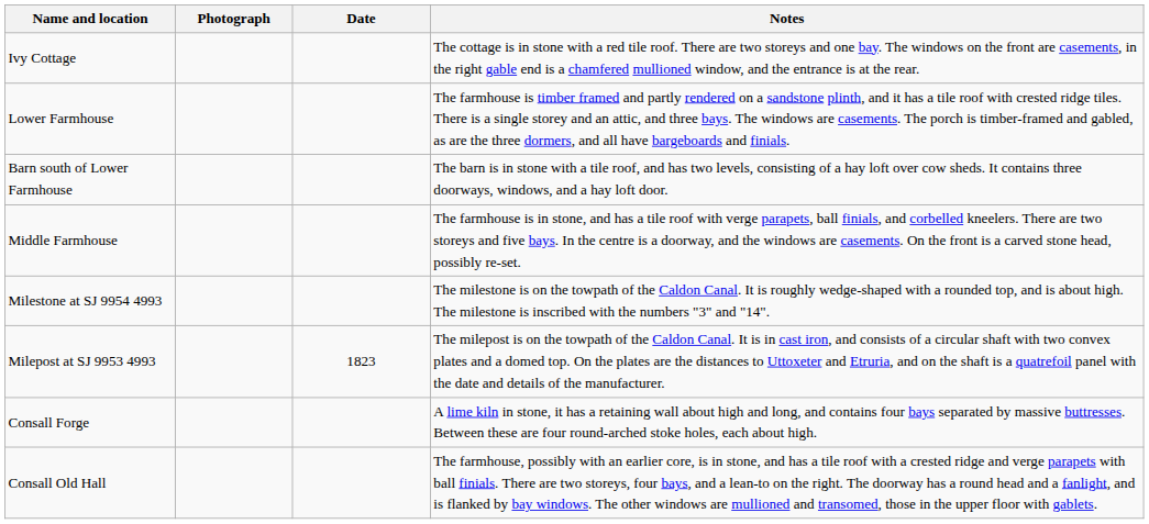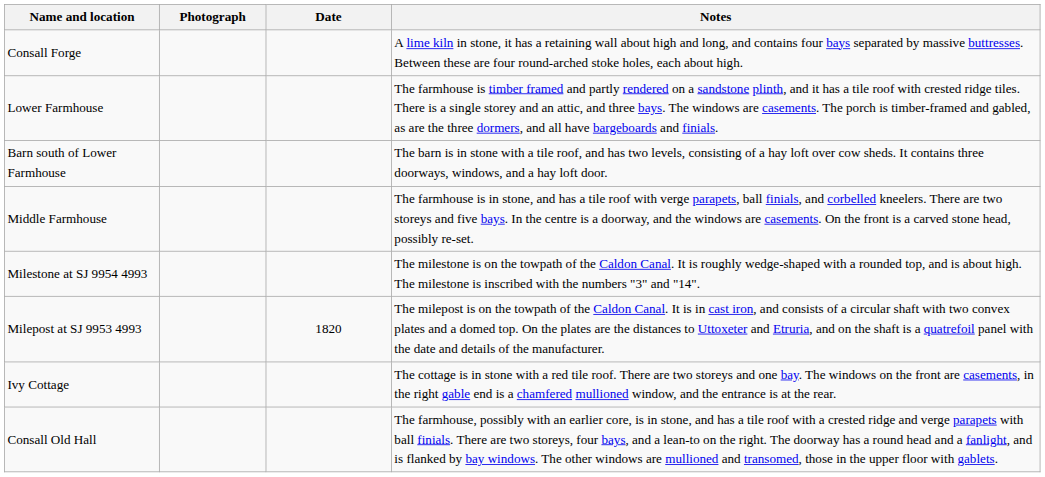 <table class="wikitable sortable plainrowheaders" style="width:100%;border:0px;text-align:left;line-height:150%;">
 <tr>
 <th scope="col"  style="width:150px">Name and location</th>
 <th scope="col"  style="width:100px" class="unsortable">Photograph</th>
 <th scope="col"  style="width:120px">Date</th>
 <th scope="col"  style="width:650px" class="unsortable">Notes</th>
 </tr>
 <tr>
-<td>Ivy Cottage<br><small></small></td>
+<td>Consall Forge<br><small></small></td>
 <td></td>
 <td align="center"></td>
-<td>The cottage is in stone with a red tile roof.  There are two storeys and one <a href='#'>bay</a>.  The windows on the front are <a href='#'>casements</a>, in the right <a href='#'>gable</a> end is a <a href='#'>chamfered</a> <a href='#'>mullioned</a> window, and the entrance is at the rear.</td>
+<td>A <a href='#'>lime kiln</a> in stone, it has a retaining wall about  high and  long, and contains four <a href='#'>bays</a> separated by massive <a href='#'>buttresses</a>.  Between these are four round-arched stoke holes, each about  high.</td>
 </tr>
 <tr>
 <td>Lower Farmhouse<br><small></small></td>
 <td></td>
 <td align="center"></td>
 <td>The farmhouse is <a href='#'>timber framed</a> and partly <a href='#'>rendered</a> on a <a href='#'>sandstone</a> <a href='#'>plinth</a>, and it has a tile roof with crested ridge tiles.  There is a single storey and an attic, and three <a href='#'>bays</a>.  The windows are <a href='#'>casements</a>.  The porch is timber-framed and gabled, as are the three <a href='#'>dormers</a>, and all have <a href='#'>bargeboards</a> and <a href='#'>finials</a>.</td>
 </tr>
 <tr>
 <td>Barn south of Lower Farmhouse<br><small></small></td>
 <td></td>
 <td align="center"></td>
 <td>The barn is in stone with a tile roof, and has two levels, consisting of a hay loft over cow sheds.  It contains three doorways, windows, and a hay loft door.</td>
 </tr>
 <tr>
 <td>Middle Farmhouse<br><small></small></td>
 <td></td>
 <td align="center"></td>
 <td>The farmhouse is in stone, and has a tile roof with verge <a href='#'>parapets</a>, ball <a href='#'>finials</a>, and <a href='#'>corbelled</a> kneelers.  There are two storeys and five <a href='#'>bays</a>.  In the centre is a doorway, and the windows are <a href='#'>casements</a>.  On the front is a carved stone head, possibly re-set.</td>
 </tr>
 <tr>
 <td>Milestone at SJ 9954 4993<br><small></small></td>
 <td></td>
 <td align="center"></td>
 <td>The milestone is on the towpath of the <a href='#'>Caldon Canal</a>.  It is roughly wedge-shaped with a rounded top, and is about  high.  The milestone is inscribed with the numbers "3" and "14".</td>
 </tr>
 <tr>
 <td>Milepost at SJ 9953 4993<br><small></small></td>
 <td></td>
-<td align="center">1823</td>
+<td align="center">1820</td>
 <td>The milepost is on the towpath of the <a href='#'>Caldon Canal</a>.  It is in <a href='#'>cast iron</a>, and consists of a circular shaft with two convex plates and a domed top.  On the plates are the distances to <a href='#'>Uttoxeter</a> and <a href='#'>Etruria</a>, and on the shaft is a <a href='#'>quatrefoil</a> panel with the date and details of the manufacturer.</td>
 </tr>
 <tr>
-<td>Consall Forge<br><small></small></td>
+<td>Ivy Cottage<br><small></small></td>
 <td></td>
 <td align="center"></td>
-<td>A <a href='#'>lime kiln</a> in stone, it has a retaining wall about  high and  long, and contains four <a href='#'>bays</a> separated by massive <a href='#'>buttresses</a>.  Between these are four round-arched stoke holes, each about  high.</td>
+<td>The cottage is in stone with a red tile roof.  There are two storeys and one <a href='#'>bay</a>.  The windows on the front are <a href='#'>casements</a>, in the right <a href='#'>gable</a> end is a <a href='#'>chamfered</a> <a href='#'>mullioned</a> window, and the entrance is at the rear.</td>
 </tr>
 <tr>
 <td>Consall Old Hall<br><small></small></td>
 <td></td>
 <td align="center"></td>
 <td>The farmhouse, possibly with an earlier core, is in stone, and has a tile roof with a crested ridge and verge <a href='#'>parapets</a> with ball <a href='#'>finials</a>.  There are two storeys, four <a href='#'>bays</a>, and a lean-to on the right.  The doorway has a round head and a <a href='#'>fanlight</a>, and is flanked by <a href='#'>bay windows</a>.  The other windows are <a href='#'>mullioned</a> and <a href='#'>transomed</a>, those in the upper floor with <a href='#'>gablets</a>.</td>
 </tr>
 <tr>
 </tr>
 </table>
